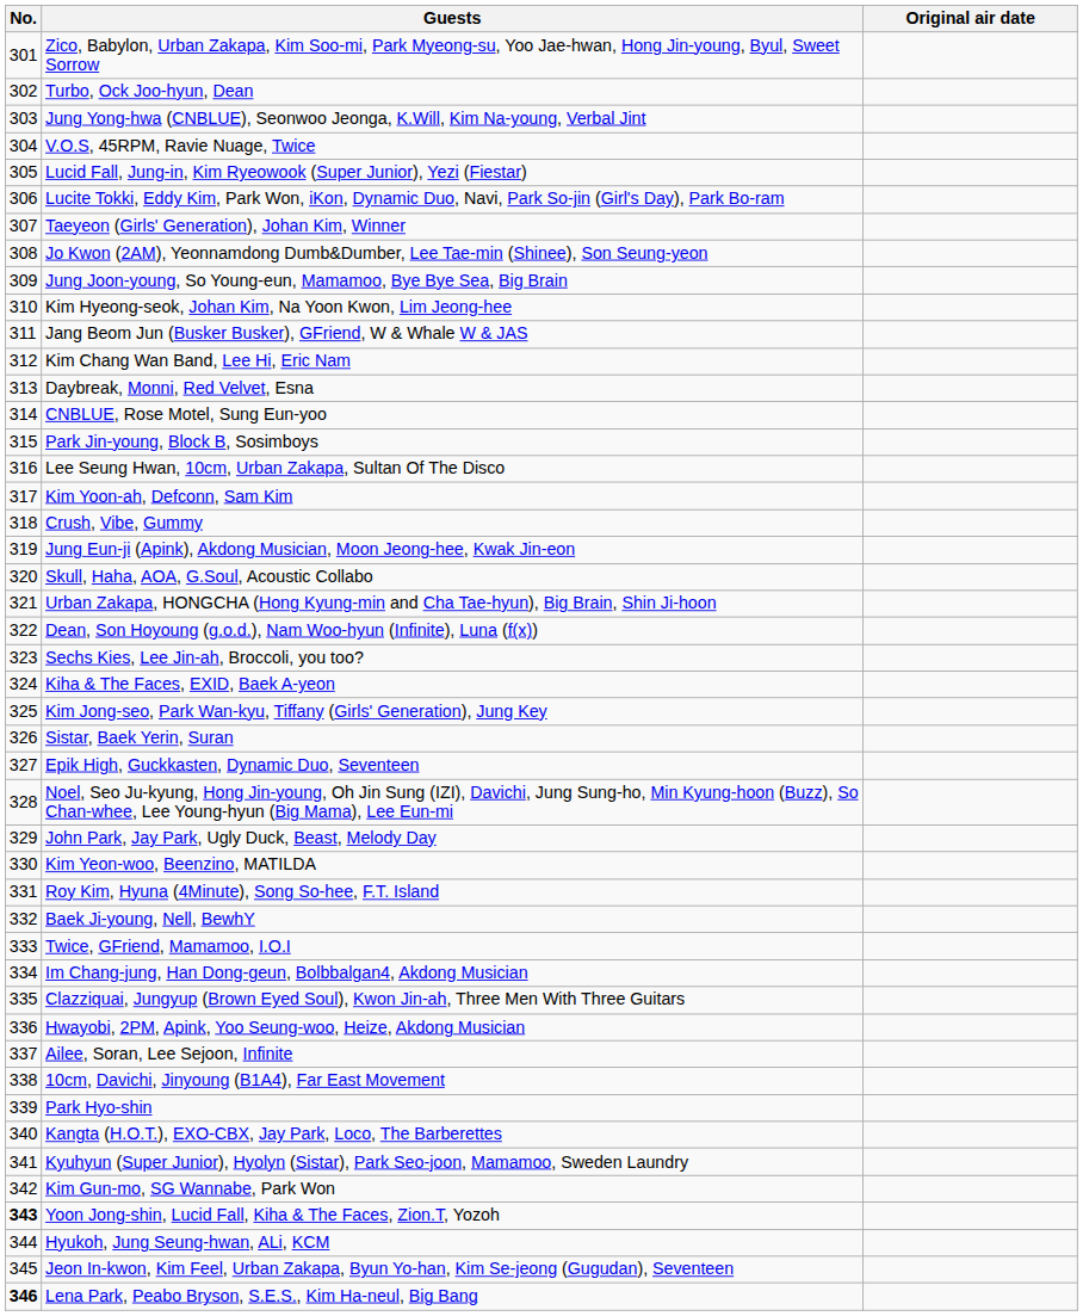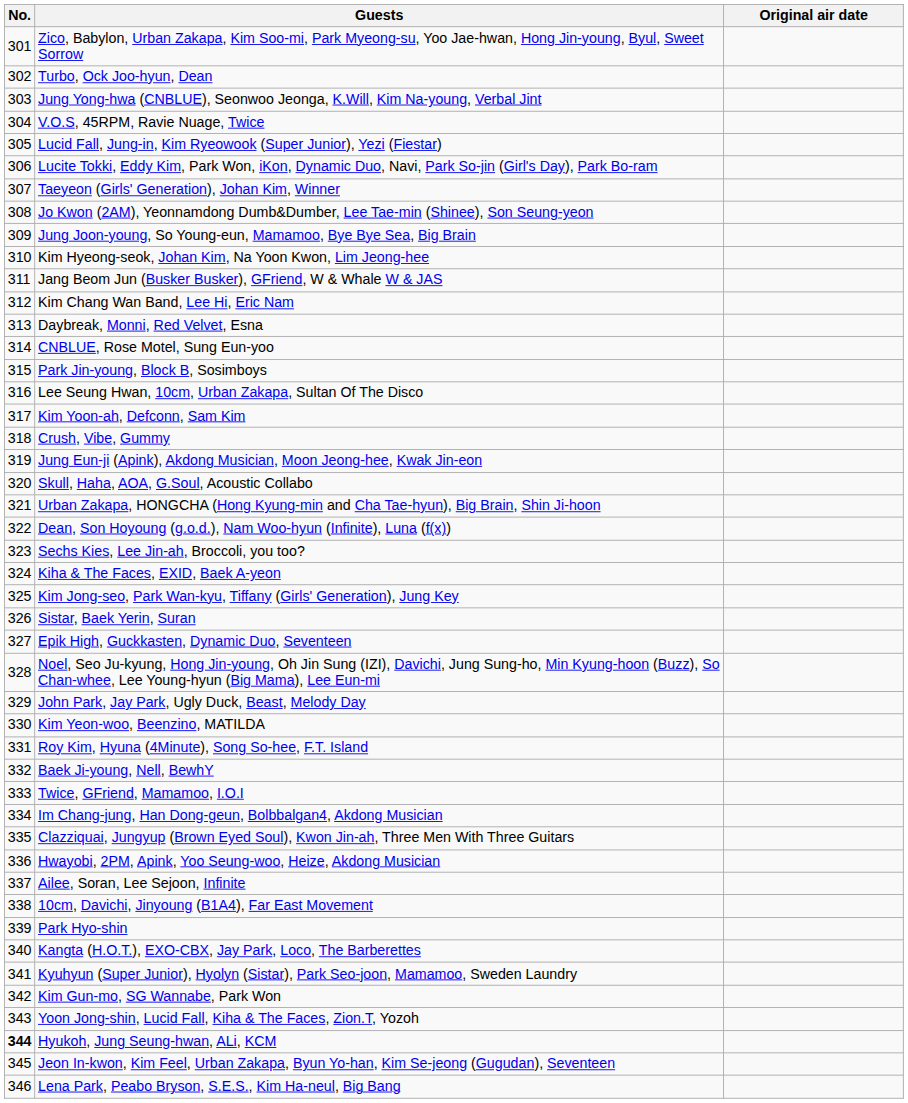 <table class="wikitable" style="width:80%; style="text-align:center" margin:auto; background:#FFFFFF;">
 <tr>
 <th>No.</th>
 <th>Guests</th>
 <th width="20%">Original air date</th>
 </tr>
 <tr>
 <td>301</td>
 <td><a href='#'>Zico</a>, Babylon, <a href='#'>Urban Zakapa</a>, <a href='#'>Kim Soo-mi</a>, <a href='#'>Park Myeong-su</a>, Yoo Jae-hwan, <a href='#'>Hong Jin-young</a>, <a href='#'>Byul</a>, <a href='#'>Sweet Sorrow</a></td>
 <td></td>
 </tr>
 <tr>
 <td>302</td>
 <td><a href='#'>Turbo</a>, <a href='#'>Ock Joo-hyun</a>, <a href='#'>Dean</a></td>
 <td></td>
 </tr>
 <tr>
 <td>303</td>
 <td><a href='#'>Jung Yong-hwa</a> (<a href='#'>CNBLUE</a>), Seonwoo Jeonga, <a href='#'>K.Will</a>, <a href='#'>Kim Na-young</a>, <a href='#'>Verbal Jint</a></td>
 <td></td>
 </tr>
 <tr>
 <td>304</td>
 <td><a href='#'>V.O.S</a>, 45RPM, Ravie Nuage, <a href='#'>Twice</a></td>
 <td></td>
 </tr>
 <tr>
 <td>305</td>
 <td><a href='#'>Lucid Fall</a>, <a href='#'>Jung-in</a>, <a href='#'>Kim Ryeowook</a> (<a href='#'>Super Junior</a>), <a href='#'>Yezi</a> (<a href='#'>Fiestar</a>)</td>
 <td></td>
 </tr>
 <tr>
 <td>306</td>
 <td><a href='#'>Lucite Tokki</a>, <a href='#'>Eddy Kim</a>, Park Won, <a href='#'>iKon</a>, <a href='#'>Dynamic Duo</a>, Navi, <a href='#'>Park So-jin</a> (<a href='#'>Girl's Day</a>), <a href='#'>Park Bo-ram</a></td>
 <td></td>
 </tr>
 <tr>
 <td>307</td>
 <td><a href='#'>Taeyeon</a> (<a href='#'>Girls' Generation</a>), <a href='#'>Johan Kim</a>, <a href='#'>Winner</a></td>
 <td></td>
 </tr>
 <tr>
 <td>308</td>
 <td><a href='#'>Jo Kwon</a> (<a href='#'>2AM</a>), Yeonnamdong Dumb&Dumber, <a href='#'>Lee Tae-min</a> (<a href='#'>Shinee</a>), <a href='#'>Son Seung-yeon</a></td>
 <td></td>
 </tr>
 <tr>
 <td>309</td>
 <td><a href='#'>Jung Joon-young</a>, So Young-eun, <a href='#'>Mamamoo</a>, <a href='#'>Bye Bye Sea</a>, <a href='#'>Big Brain</a></td>
 <td></td>
 </tr>
 <tr>
 <td>310</td>
 <td>Kim Hyeong-seok, <a href='#'>Johan Kim</a>, Na Yoon Kwon, <a href='#'>Lim Jeong-hee</a></td>
 <td></td>
 </tr>
 <tr>
 <td>311</td>
 <td>Jang Beom Jun (<a href='#'>Busker Busker</a>), <a href='#'>GFriend</a>, W & Whale <a href='#'>W & JAS</a></td>
 <td></td>
 </tr>
 <tr>
 <td>312</td>
 <td>Kim Chang Wan Band, <a href='#'>Lee Hi</a>, <a href='#'>Eric Nam</a></td>
 <td></td>
 </tr>
 <tr>
 <td>313</td>
 <td>Daybreak, <a href='#'>Monni</a>, <a href='#'>Red Velvet</a>, Esna</td>
 <td></td>
 </tr>
 <tr>
 <td>314</td>
 <td><a href='#'>CNBLUE</a>, Rose Motel, Sung Eun-yoo</td>
 <td></td>
 </tr>
 <tr>
 <td>315</td>
 <td><a href='#'>Park Jin-young</a>, <a href='#'>Block B</a>, Sosimboys</td>
 <td></td>
 </tr>
 <tr>
 <td>316</td>
 <td>Lee Seung Hwan, <a href='#'>10cm</a>, <a href='#'>Urban Zakapa</a>, Sultan Of The Disco</td>
 <td></td>
 </tr>
 <tr>
 <td>317</td>
 <td><a href='#'>Kim Yoon-ah</a>, <a href='#'>Defconn</a>, <a href='#'>Sam Kim</a></td>
 <td></td>
 </tr>
 <tr>
 <td>318</td>
 <td><a href='#'>Crush</a>, <a href='#'>Vibe</a>, <a href='#'>Gummy</a></td>
 <td></td>
 </tr>
 <tr>
 <td>319</td>
 <td><a href='#'>Jung Eun-ji</a> (<a href='#'>Apink</a>), <a href='#'>Akdong Musician</a>, <a href='#'>Moon Jeong-hee</a>, <a href='#'>Kwak Jin-eon</a></td>
 <td></td>
 </tr>
 <tr>
 <td>320</td>
 <td><a href='#'>Skull</a>, <a href='#'>Haha</a>, <a href='#'>AOA</a>, <a href='#'>G.Soul</a>, Acoustic Collabo</td>
 <td></td>
 </tr>
 <tr>
 <td>321</td>
 <td><a href='#'>Urban Zakapa</a>, HONGCHA (<a href='#'>Hong Kyung-min</a> and <a href='#'>Cha Tae-hyun</a>), <a href='#'>Big Brain</a>, <a href='#'>Shin Ji-hoon</a></td>
 <td></td>
 </tr>
 <tr>
 <td>322</td>
 <td><a href='#'>Dean</a>, <a href='#'>Son Hoyoung</a> (<a href='#'>g.o.d.</a>), <a href='#'>Nam Woo-hyun</a> (<a href='#'>Infinite</a>), <a href='#'>Luna</a> (<a href='#'>f(x)</a>)</td>
 <td></td>
 </tr>
 <tr>
 <td>323</td>
 <td><a href='#'>Sechs Kies</a>, <a href='#'>Lee Jin-ah</a>, Broccoli, you too?</td>
 <td></td>
 </tr>
 <tr>
 <td>324</td>
 <td><a href='#'>Kiha & The Faces</a>, <a href='#'>EXID</a>, <a href='#'>Baek A-yeon</a></td>
 <td></td>
 </tr>
 <tr>
 <td>325</td>
 <td><a href='#'>Kim Jong-seo</a>, <a href='#'>Park Wan-kyu</a>, <a href='#'>Tiffany</a> (<a href='#'>Girls' Generation</a>), <a href='#'>Jung Key</a></td>
 <td></td>
 </tr>
 <tr>
 <td>326</td>
 <td><a href='#'>Sistar</a>, <a href='#'>Baek Yerin</a>, <a href='#'>Suran</a></td>
 <td></td>
 </tr>
 <tr>
 <td>327</td>
 <td><a href='#'>Epik High</a>, <a href='#'>Guckkasten</a>, <a href='#'>Dynamic Duo</a>, <a href='#'>Seventeen</a></td>
 <td></td>
 </tr>
 <tr>
 <td>328</td>
 <td><a href='#'>Noel</a>, Seo Ju-kyung, <a href='#'>Hong Jin-young</a>, Oh Jin Sung (IZI), <a href='#'>Davichi</a>, Jung Sung-ho, <a href='#'>Min Kyung-hoon</a> (<a href='#'>Buzz</a>), <a href='#'>So Chan-whee</a>, Lee Young-hyun (<a href='#'>Big Mama</a>), <a href='#'>Lee Eun-mi</a></td>
 <td></td>
 </tr>
 <tr>
 <td>329</td>
 <td><a href='#'>John Park</a>, <a href='#'>Jay Park</a>, Ugly Duck, <a href='#'>Beast</a>, <a href='#'>Melody Day</a></td>
 <td></td>
 </tr>
 <tr>
 <td>330</td>
 <td><a href='#'>Kim Yeon-woo</a>, <a href='#'>Beenzino</a>, MATILDA</td>
 <td></td>
 </tr>
 <tr>
 <td>331</td>
 <td><a href='#'>Roy Kim</a>, <a href='#'>Hyuna</a> (<a href='#'>4Minute</a>), <a href='#'>Song So-hee</a>, <a href='#'>F.T. Island</a></td>
 <td></td>
 </tr>
 <tr>
 <td>332</td>
 <td><a href='#'>Baek Ji-young</a>, <a href='#'>Nell</a>, <a href='#'>BewhY</a></td>
 <td></td>
 </tr>
 <tr>
 <td>333</td>
 <td><a href='#'>Twice</a>, <a href='#'>GFriend</a>, <a href='#'>Mamamoo</a>, <a href='#'>I.O.I</a></td>
 <td></td>
 </tr>
 <tr>
 <td>334</td>
 <td><a href='#'>Im Chang-jung</a>, <a href='#'>Han Dong-geun</a>, <a href='#'>Bolbbalgan4</a>, <a href='#'>Akdong Musician</a></td>
 <td></td>
 </tr>
 <tr>
 <td>335</td>
 <td><a href='#'>Clazziquai</a>, <a href='#'>Jungyup</a> (<a href='#'>Brown Eyed Soul</a>), <a href='#'>Kwon Jin-ah</a>, Three Men With Three Guitars</td>
 <td></td>
 </tr>
 <tr>
 <td>336</td>
 <td><a href='#'>Hwayobi</a>, <a href='#'>2PM</a>, <a href='#'>Apink</a>, <a href='#'>Yoo Seung-woo</a>, <a href='#'>Heize</a>, <a href='#'>Akdong Musician</a></td>
 <td></td>
 </tr>
 <tr>
 <td>337</td>
 <td><a href='#'>Ailee</a>, Soran, Lee Sejoon, <a href='#'>Infinite</a></td>
 <td></td>
 </tr>
 <tr>
 <td>338</td>
 <td><a href='#'>10cm</a>, <a href='#'>Davichi</a>, <a href='#'>Jinyoung</a> (<a href='#'>B1A4</a>), <a href='#'>Far East Movement</a></td>
 <td></td>
 </tr>
 <tr>
 <td>339</td>
 <td><a href='#'>Park Hyo-shin</a></td>
 <td></td>
 </tr>
 <tr>
 <td>340</td>
 <td><a href='#'>Kangta</a> (<a href='#'>H.O.T.</a>), <a href='#'>EXO-CBX</a>, <a href='#'>Jay Park</a>, <a href='#'>Loco</a>, <a href='#'>The Barberettes</a></td>
 <td></td>
 </tr>
 <tr>
 <td>341</td>
 <td><a href='#'>Kyuhyun</a> (<a href='#'>Super Junior</a>), <a href='#'>Hyolyn</a> (<a href='#'>Sistar</a>), <a href='#'>Park Seo-joon</a>, <a href='#'>Mamamoo</a>, Sweden Laundry</td>
 <td></td>
 </tr>
 <tr>
 <td>342</td>
 <td><a href='#'>Kim Gun-mo</a>, <a href='#'>SG Wannabe</a>, Park Won</td>
 <td></td>
 </tr>
 <tr>
-<td><strong>343</strong></td>
+<td>343</td>
 <td><a href='#'>Yoon Jong-shin</a>, <a href='#'>Lucid Fall</a>, <a href='#'>Kiha & The Faces</a>, <a href='#'>Zion.T</a>, Yozoh</td>
 <td></td>
 </tr>
 <tr>
-<td>344</td>
+<td><strong>344</strong></td>
 <td><a href='#'>Hyukoh</a>, <a href='#'>Jung Seung-hwan</a>, <a href='#'>ALi</a>, <a href='#'>KCM</a></td>
 <td></td>
 </tr>
 <tr>
 <td>345</td>
 <td><a href='#'>Jeon In-kwon</a>, <a href='#'>Kim Feel</a>, <a href='#'>Urban Zakapa</a>, <a href='#'>Byun Yo-han</a>, <a href='#'>Kim Se-jeong</a> (<a href='#'>Gugudan</a>), <a href='#'>Seventeen</a></td>
 <td></td>
 </tr>
 <tr>
-<td><strong>346</strong></td>
+<td>346</td>
 <td><a href='#'>Lena Park</a>, <a href='#'>Peabo Bryson</a>, <a href='#'>S.E.S.</a>, <a href='#'>Kim Ha-neul</a>, <a href='#'>Big Bang</a></td>
 <td></td>
 </tr>
 </table>
